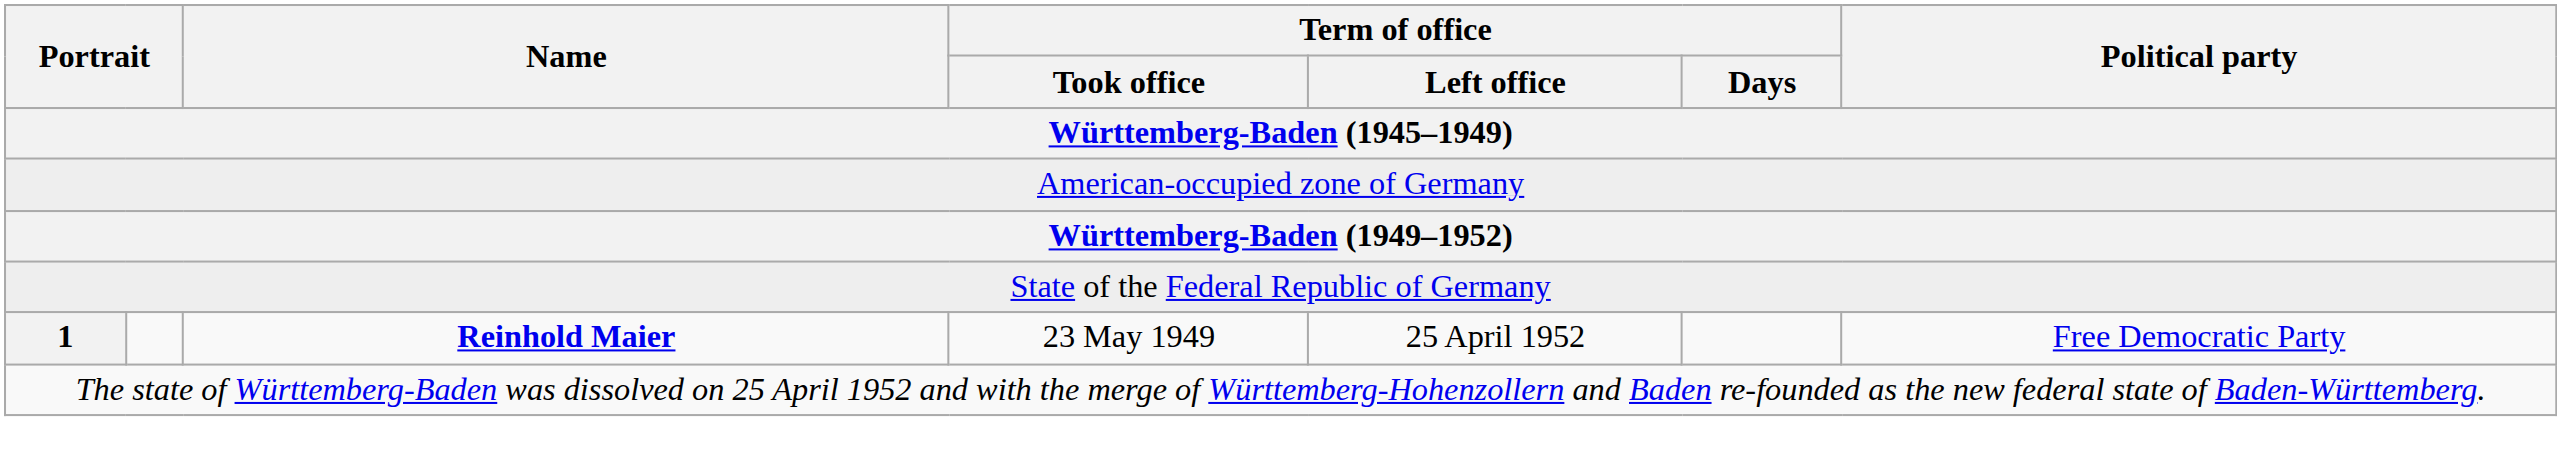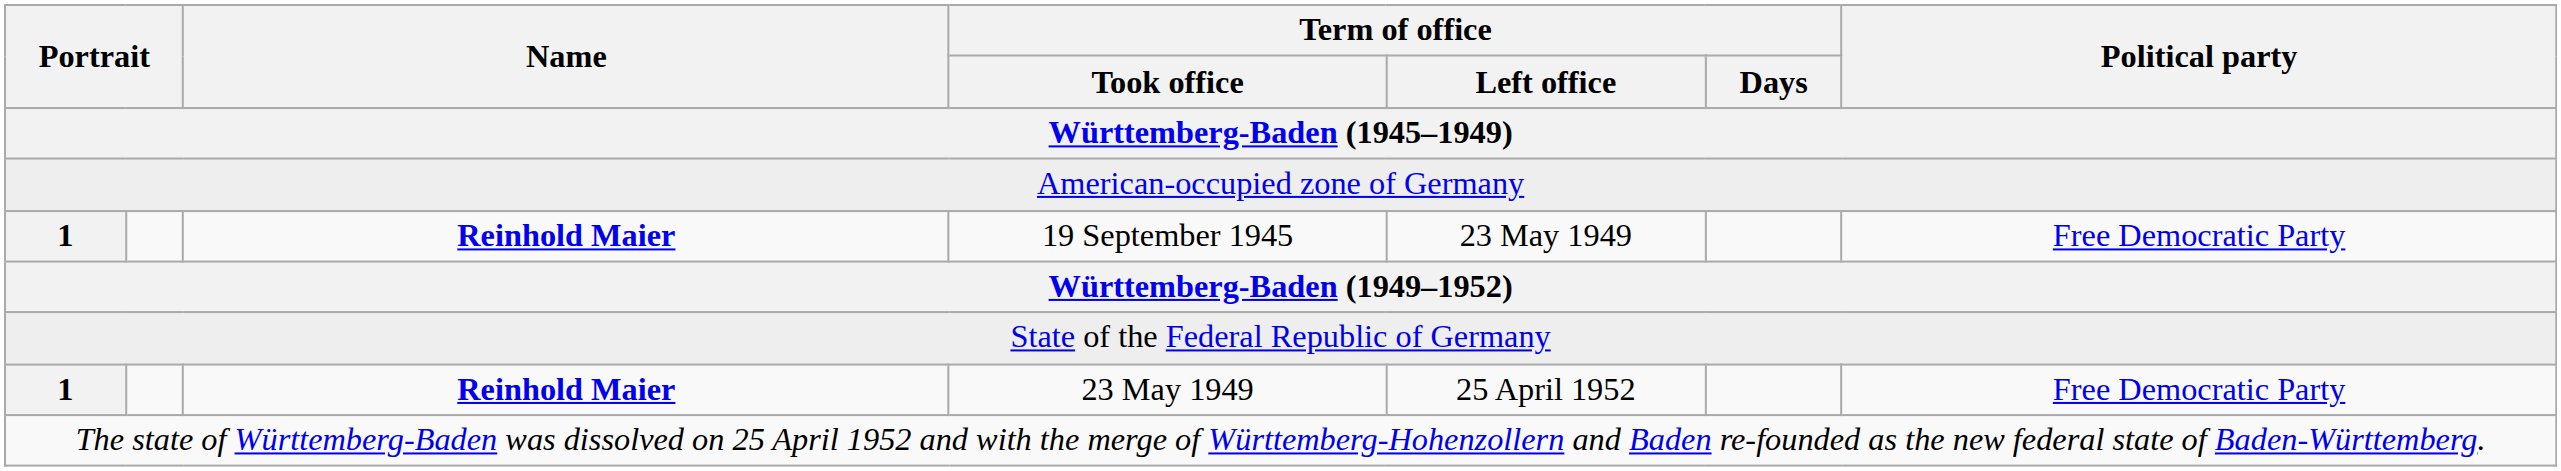 <table class="wikitable" style="text-align:center; width:100%; border:1px #AAAAFF solid">
 <tr>
 <th width=80px rowspan=2 colspan=2>Portrait</th>
 <th width=30% rowspan=2>Name<br></th>
 <th width=35% colspan=3>Term of office</th>
 <th width=28% rowspan=2>Political party</th>
 </tr>
 <tr>
 <th>Took office</th>
 <th>Left office</th>
 <th>Days</th>
 </tr>
 <tr>
 <th colspan="7"><a href='#'>Württemberg-Baden</a> (1945–1949)</th>
 </tr>
 <tr>
 <td bgcolor=#EEEEEE colspan=7><a href='#'>American-occupied zone of Germany</a></td>
+</tr>
+<tr>
+<th style="background:">1</th>
+<td></td>
+<td><strong><a href='#'>Reinhold Maier</a></strong><br></td>
+<td>19 September 1945</td>
+<td>23 May 1949</td>
+<td></td>
+<td><a href='#'>Free Democratic Party</a></td>
 </tr>
 <tr>
 <th colspan="7"><a href='#'>Württemberg-Baden</a> (1949–1952)</th>
 </tr>
 <tr>
 <td bgcolor=#EEEEEE colspan=7><a href='#'>State</a> of the <a href='#'>Federal Republic of Germany</a></td>
 </tr>
 <tr>
 <th style="background:">1</th>
 <td></td>
 <td><strong><a href='#'>Reinhold Maier</a></strong><br></td>
 <td>23 May 1949</td>
 <td>25 April 1952</td>
 <td></td>
 <td><a href='#'>Free Democratic Party</a></td>
 </tr>
 <tr>
 <td colspan="7"><em>The state of <a href='#'>Württemberg-Baden</a> was dissolved on 25 April 1952 and with the merge of <a href='#'>Württemberg-Hohenzollern</a> and <a href='#'>Baden</a> re-founded as the new federal state of <a href='#'>Baden-Württemberg</a>.</em></td>
 </tr>
 </table>
